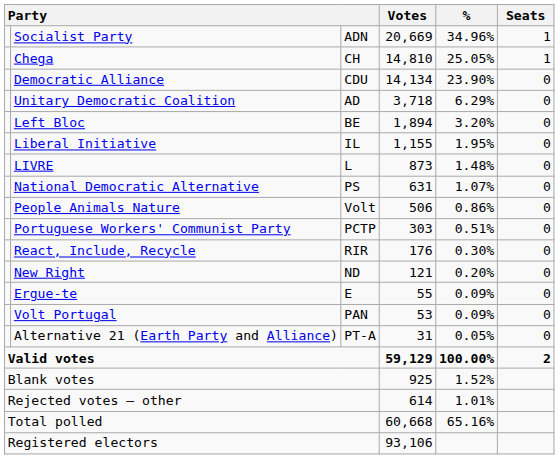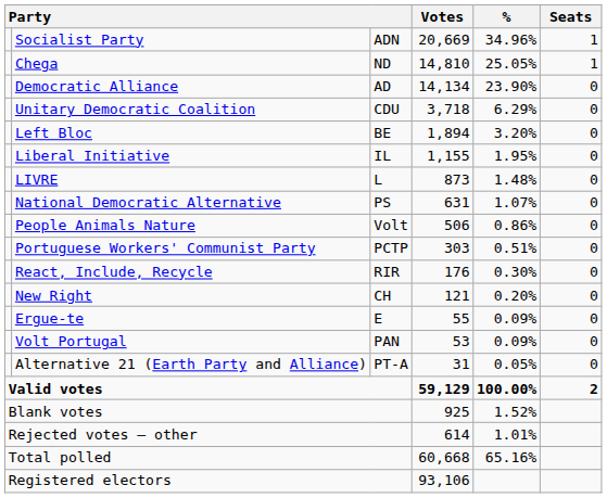 <table class="wikitable" border="1" style="text-align:right;">
 <tr>
 <th style="text-align:left;" colspan=3>Party</th>
 <th align=center width="50">Votes</th>
 <th align=center width="50">%</th>
 <th align=center width="50">Seats</th>
 </tr>
 <tr>
 <td></td>
 <td align=left><a href='#'>Socialist Party</a></td>
 <td align=left>ADN</td>
 <td>20,669</td>
 <td>34.96%</td>
 <td>1</td>
 </tr>
 <tr>
 <td></td>
 <td align=left><a href='#'>Chega</a></td>
-<td align=left>CH</td>
+<td align=left>ND</td>
 <td>14,810</td>
 <td>25.05%</td>
 <td>1</td>
 </tr>
 <tr>
 <td></td>
 <td align=left><a href='#'>Democratic Alliance</a></td>
-<td align=left>CDU</td>
+<td align=left>AD</td>
 <td>14,134</td>
 <td>23.90%</td>
 <td>0</td>
 </tr>
 <tr>
 <td></td>
 <td align=left style="white-space: nowrap;"><a href='#'>Unitary Democratic Coalition</a></td>
-<td align=left>AD</td>
+<td align=left>CDU</td>
 <td>3,718</td>
 <td>6.29%</td>
 <td>0</td>
 </tr>
 <tr>
 <td></td>
 <td align=left><a href='#'>Left Bloc</a></td>
 <td align=left>BE</td>
 <td>1,894</td>
 <td>3.20%</td>
 <td>0</td>
 </tr>
 <tr>
 <td></td>
 <td align=left><a href='#'>Liberal Initiative</a></td>
 <td align=left>IL</td>
 <td>1,155</td>
 <td>1.95%</td>
 <td>0</td>
 </tr>
 <tr>
 <td></td>
 <td align=left><a href='#'>LIVRE</a></td>
 <td align=left>L</td>
 <td>873</td>
 <td>1.48%</td>
 <td>0</td>
 </tr>
 <tr>
 <td></td>
 <td align=left><a href='#'>National Democratic Alternative</a></td>
 <td align=left>PS</td>
 <td>631</td>
 <td>1.07%</td>
 <td>0</td>
 </tr>
 <tr>
 <td></td>
 <td align=left><a href='#'>People Animals Nature</a></td>
 <td align=left>Volt</td>
 <td>506</td>
 <td>0.86%</td>
 <td>0</td>
 </tr>
 <tr>
 <td></td>
 <td align=left><a href='#'>Portuguese Workers' Communist Party</a></td>
 <td align=left>PCTP</td>
 <td>303</td>
 <td>0.51%</td>
 <td>0</td>
 </tr>
 <tr>
 <td></td>
 <td align=left><a href='#'>React, Include, Recycle</a></td>
 <td align=left>RIR</td>
 <td>176</td>
 <td>0.30%</td>
 <td>0</td>
 </tr>
 <tr>
 <td></td>
 <td align=left><a href='#'>New Right</a></td>
-<td align=left>ND</td>
+<td align=left>CH</td>
 <td>121</td>
 <td>0.20%</td>
 <td>0</td>
 </tr>
 <tr>
 <td></td>
 <td align=left><a href='#'>Ergue-te</a></td>
 <td align=left>E</td>
 <td>55</td>
 <td>0.09%</td>
 <td>0</td>
 </tr>
 <tr>
 <td></td>
 <td align=left><a href='#'>Volt Portugal</a></td>
 <td align=left>PAN</td>
 <td>53</td>
 <td>0.09%</td>
 <td>0</td>
 </tr>
 <tr>
 <td></td>
 <td align=left>Alternative 21 (<a href='#'>Earth Party</a> and <a href='#'>Alliance</a>)</td>
 <td align=left>PT-A</td>
 <td>31</td>
 <td>0.05%</td>
 <td>0</td>
 </tr>
 <tr style="font-weight:bold">
 <td align=left colspan=3>Valid votes</td>
 <td>59,129</td>
 <td>100.00%</td>
 <td>2</td>
 </tr>
 <tr>
 <td align=left colspan=3>Blank votes</td>
 <td>925</td>
 <td>1.52%</td>
 <td></td>
 </tr>
 <tr>
 <td align=left colspan=3>Rejected votes – other</td>
 <td>614</td>
 <td>1.01%</td>
 <td></td>
 </tr>
 <tr>
 <td align=left colspan=3>Total polled</td>
 <td>60,668</td>
 <td>65.16%</td>
 <td></td>
 </tr>
 <tr>
 <td align=left colspan=3>Registered electors</td>
 <td>93,106</td>
 <td></td>
 <td></td>
 </tr>
 </table>
